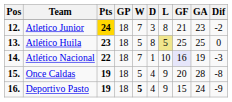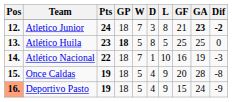 <table class="wikitable sortable" style="text-align: center;">
 <tr>
 <th align="center">Pos</th>
 <th align="center">Team</th>
 <th align="center">Pts</th>
 <th align="center">GP</th>
 <th align="center">W</th>
 <th align="center">D</th>
 <th align="center">L</th>
 <th align="center">GF</th>
 <th align="center">GA</th>
 <th align="center">Dif</th>
 </tr>
 <tr>
 </tr>
 <tr align=center>
 <td><strong>12.</strong></td>
 <td align="left"><a href='#'>Atletico Junior</a></td>
-<td style="background: gold;"><strong>24</strong></td>
+<td><strong>24</strong></td>
 <td>18</td>
 <td>7</td>
 <td>3</td>
 <td>8</td>
 <td>21</td>
-<td>23</td>
-<td>-2</td>
+<td><strong>23</strong></td>
+<td><strong>-2</strong></td>
 </tr>
 <tr align=center>
 <td><strong>13.</strong></td>
 <td align="left"><a href='#'>Atlético Huila</a></td>
 <td><strong>23</strong></td>
-<td>18</td>
+<td><strong>18</strong></td>
 <td>5</td>
 <td>8</td>
-<td style="background: khaki;">5</td>
+<td>5</td>
 <td>25</td>
 <td>25</td>
 <td>0</td>
 </tr>
 <tr align=center>
 <td><strong>14.</strong></td>
 <td align="left"><a href='#'>Atlético Nacional</a></td>
 <td><strong>22</strong></td>
 <td>18</td>
 <td>7</td>
 <td>1</td>
 <td>10</td>
-<td style="background: lavender;">16</td>
+<td>16</td>
 <td>19</td>
 <td>-3</td>
 </tr>
 <tr style=>
 <td><strong>15.</strong></td>
 <td align="left"><a href='#'>Once Caldas</a></td>
 <td><strong>19</strong></td>
 <td>18</td>
 <td>5</td>
 <td>4</td>
 <td>9</td>
 <td>20</td>
 <td>28</td>
 <td>-8</td>
 </tr>
 <tr align=center>
-<td><strong>16.</strong></td>
+<td style="background: lightsalmon;"><strong>16.</strong></td>
 <td align="left"><a href='#'>Deportivo Pasto</a></td>
 <td><strong>19</strong></td>
 <td>18</td>
-<td><strong>5</strong></td>
+<td>5</td>
 <td>4</td>
 <td>9</td>
 <td>15</td>
 <td>24</td>
 <td>-9</td>
 </tr>
 </table>
